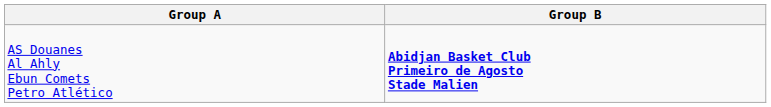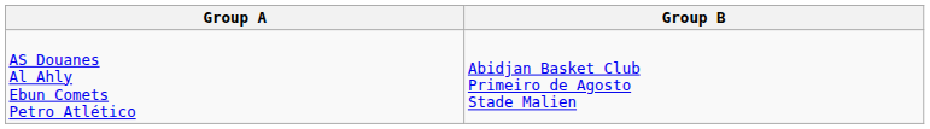 <table class="wikitable" width=40%>
 <tr>
 <th width=25%>Group A</th>
 <th width=25%>Group B</th>
 </tr>
 <tr>
 <td><br> <a href='#'>AS Douanes</a><br>  <a href='#'>Al Ahly</a><br>  <a href='#'>Ebun Comets</a><br>  <a href='#'>Petro Atlético</a></td>
-<td><strong><br> <a href='#'>Abidjan Basket Club</a><br>  <a href='#'>Primeiro de Agosto</a><br>  <a href='#'>Stade Malien</a></strong></td>
+<td><br> <a href='#'>Abidjan Basket Club</a><br>  <a href='#'>Primeiro de Agosto</a><br>  <a href='#'>Stade Malien</a></td>
 </tr>
 </table>
